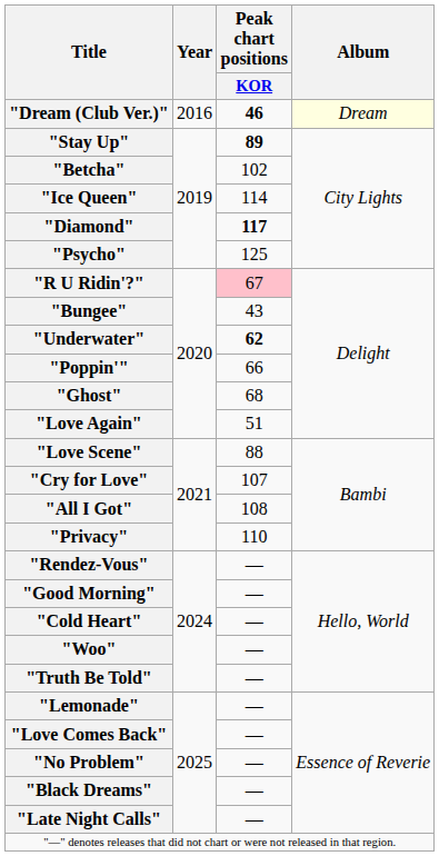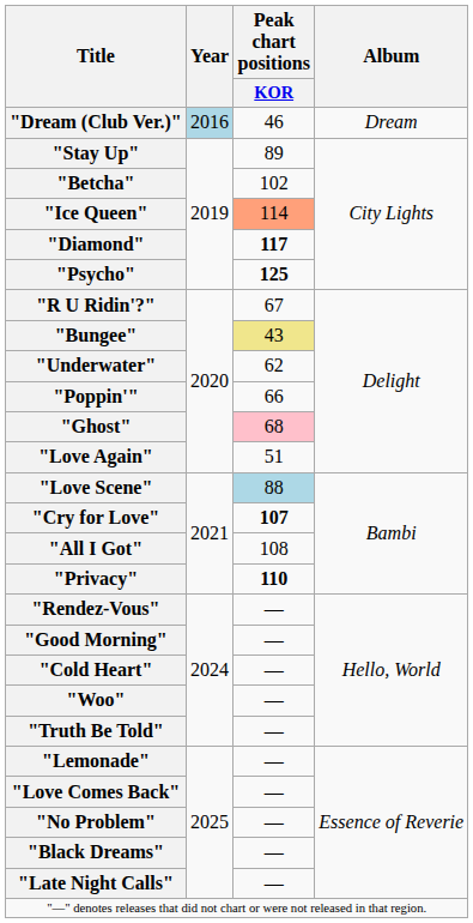 <table class="wikitable plainrowheaders" style="text-align:center;">
 <tr>
 <th scope="col" rowspan="2">Title</th>
 <th scope="col" rowspan="2">Year</th>
 <th scope="col" colspan="1">Peak chart<br>positions</th>
 <th scope="col" rowspan="2">Album</th>
 </tr>
 <tr>
 <th scope="col" style="width:3em;font-size:90%;"><a href='#'>KOR</a><br></th>
 </tr>
 <tr>
 <th scope="row">"Dream (Club Ver.)"<br></th>
-<td>2016</td>
-<td><strong>46</strong></td>
-<td style="background: lightyellow;"><em>Dream</em></td>
+<td style="background: lightblue;">2016</td>
+<td>46</td>
+<td><em>Dream</em></td>
 </tr>
 <tr>
 <th scope="row">"Stay Up"<br></th>
 <td rowspan="5">2019</td>
-<td><strong>89</strong></td>
+<td>89</td>
 <td rowspan="5"><em>City Lights</em></td>
 </tr>
 <tr>
 <th scope="row">"Betcha"</th>
 <td>102</td>
 </tr>
 <tr>
 <th scope="row">"Ice Queen"</th>
-<td>114</td>
+<td style="background: lightsalmon;">114</td>
 </tr>
 <tr>
 <th scope="row">"Diamond"</th>
 <td><strong>117</strong></td>
 </tr>
 <tr>
 <th scope="row">"Psycho"</th>
-<td>125</td>
+<td><strong>125</strong></td>
 </tr>
 <tr>
 <th scope="row">"R U Ridin'?"</th>
 <td rowspan="6">2020</td>
-<td style="background: pink;">67</td>
+<td>67</td>
 <td rowspan="6"><em>Delight</em></td>
 </tr>
 <tr>
 <th scope="row">"Bungee"</th>
-<td>43</td>
+<td style="background: khaki;">43</td>
 </tr>
 <tr>
 <th scope="row">"Underwater"</th>
-<td><strong>62</strong></td>
+<td>62</td>
 </tr>
 <tr>
 <th scope="row">"Poppin'"</th>
 <td>66</td>
 </tr>
 <tr>
 <th scope="row">"Ghost"</th>
-<td>68</td>
+<td style="background: pink;">68</td>
 </tr>
 <tr>
 <th scope="row">"Love Again"</th>
 <td>51</td>
 </tr>
 <tr>
 <th scope="row">"Love Scene"</th>
 <td rowspan="4">2021</td>
-<td>88</td>
+<td style="background: lightblue;">88</td>
 <td rowspan="4"><em>Bambi</em></td>
 </tr>
 <tr>
 <th scope="row">"Cry for Love"</th>
-<td>107</td>
+<td><strong>107</strong></td>
 </tr>
 <tr>
 <th scope="row">"All I Got"</th>
 <td>108</td>
 </tr>
 <tr>
 <th scope="row">"Privacy"</th>
-<td>110</td>
+<td><strong>110</strong></td>
 </tr>
 <tr>
 <th scope="row">"Rendez-Vous"</th>
 <td rowspan="5">2024</td>
 <td>—</td>
 <td rowspan="5"><em>Hello, World</em></td>
 </tr>
 <tr>
 <th scope="row">"Good Morning"</th>
 <td>—</td>
 </tr>
 <tr>
 <th scope="row">"Cold Heart"</th>
 <td>—</td>
 </tr>
 <tr>
 <th scope="row">"Woo"</th>
 <td>—</td>
 </tr>
 <tr>
 <th scope="row">"Truth Be Told"</th>
 <td>—</td>
 </tr>
 <tr>
 <th scope="row">"Lemonade"</th>
 <td rowspan="5">2025</td>
 <td>—</td>
 <td rowspan="5"><em>Essence of Reverie</em></td>
 </tr>
 <tr>
 <th scope="row">"Love Comes Back"</th>
 <td>—</td>
 </tr>
 <tr>
 <th scope="row">"No Problem"</th>
 <td>—</td>
 </tr>
 <tr>
 <th scope="row">"Black Dreams"</th>
 <td>—</td>
 </tr>
 <tr>
 <th scope="row">"Late Night Calls"</th>
 <td>—</td>
 </tr>
 <tr>
 <td colspan="4" style="font-size:8pt;">"—" denotes releases that did not chart or were not released in that region.</td>
 </tr>
 </table>
